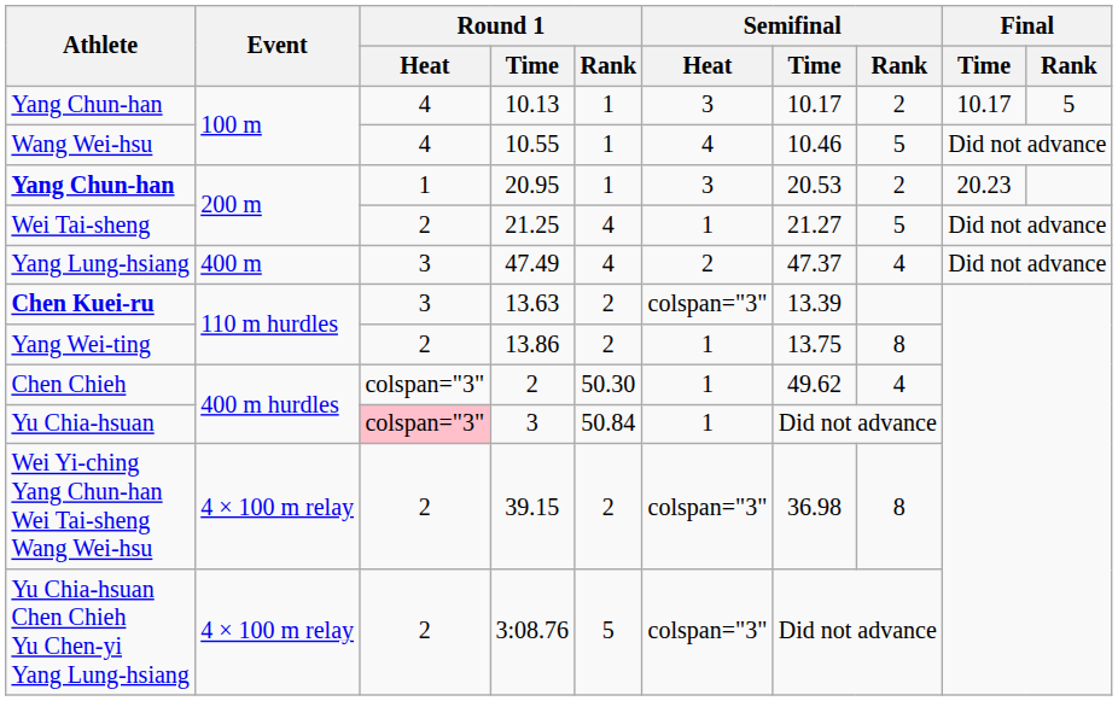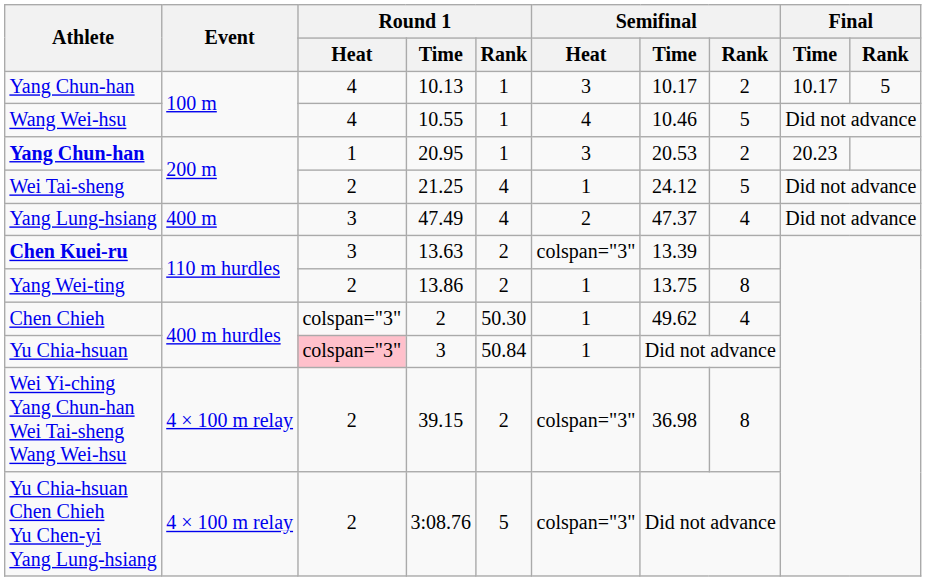 <table class="wikitable" style="text-align:center; font-size:90%">
 <tr>
 <th rowspan="2">Athlete</th>
 <th rowspan="2">Event</th>
 <th colspan="3">Round 1</th>
 <th colspan="3">Semifinal</th>
 <th colspan="2">Final</th>
 </tr>
 <tr>
 <th>Heat</th>
 <th>Time</th>
 <th>Rank</th>
 <th>Heat</th>
 <th>Time</th>
 <th>Rank</th>
 <th>Time</th>
 <th>Rank</th>
 </tr>
 <tr>
 <td align="left"><a href='#'>Yang Chun-han</a></td>
 <td align="left" rowspan="2"><a href='#'>100 m</a></td>
 <td>4</td>
 <td>10.13</td>
 <td>1 <strong></strong></td>
 <td>3</td>
 <td>10.17</td>
 <td>2 <strong></strong></td>
 <td>10.17</td>
 <td>5</td>
 </tr>
 <tr>
 <td align="left"><a href='#'>Wang Wei-hsu</a></td>
 <td>4</td>
 <td>10.55</td>
 <td>1 <strong></strong></td>
 <td>4</td>
 <td>10.46</td>
 <td>5</td>
 <td colspan="2">Did not advance</td>
 </tr>
 <tr>
 <td align="left"><strong><a href='#'>Yang Chun-han</a></strong></td>
 <td align="left" rowspan="2"><a href='#'>200 m</a></td>
 <td>1</td>
 <td>20.95</td>
 <td>1 <strong></strong></td>
 <td>3</td>
 <td>20.53</td>
 <td>2 <strong></strong></td>
 <td>20.23</td>
 <td> <strong></strong></td>
 </tr>
 <tr>
 <td align="left"><a href='#'>Wei Tai-sheng</a></td>
 <td>2</td>
 <td>21.25</td>
 <td>4 <strong></strong></td>
 <td>1</td>
-<td>21.27</td>
+<td>24.12</td>
 <td>5</td>
 <td colspan="2">Did not advance</td>
 </tr>
 <tr>
 <td align="left"><a href='#'>Yang Lung-hsiang</a></td>
 <td align="left"><a href='#'>400 m</a></td>
 <td>3</td>
 <td>47.49</td>
 <td>4 <strong></strong></td>
 <td>2</td>
 <td>47.37</td>
 <td>4</td>
 <td colspan="3">Did not advance</td>
 </tr>
 <tr>
 <td align="left"><strong><a href='#'>Chen Kuei-ru</a></strong></td>
 <td align="left" rowspan="2"><a href='#'>110 m hurdles</a></td>
 <td>3</td>
 <td>13.63</td>
 <td>2 <strong></strong></td>
 <td>colspan="3" </td>
 <td>13.39</td>
 <td> <strong></strong></td>
 </tr>
 <tr>
 <td align="left"><a href='#'>Yang Wei-ting</a></td>
 <td>2</td>
 <td>13.86</td>
 <td>2 <strong></strong></td>
 <td>1</td>
 <td>13.75</td>
 <td>8</td>
 </tr>
 <tr>
 <td align="left"><a href='#'>Chen Chieh</a></td>
 <td align="left" rowspan="2"><a href='#'>400 m hurdles</a></td>
 <td>colspan="3" </td>
 <td>2</td>
 <td>50.30</td>
 <td>1 <strong></strong></td>
 <td>49.62</td>
 <td>4</td>
 </tr>
 <tr>
 <td align="left"><a href='#'>Yu Chia-hsuan</a></td>
 <td style="background: pink;">colspan="3" </td>
 <td>3</td>
 <td>50.84</td>
 <td>1</td>
 <td colspan="2">Did not advance</td>
 </tr>
 <tr>
 <td align="left"><a href='#'>Wei Yi-ching</a><br><a href='#'>Yang Chun-han</a><br><a href='#'>Wei Tai-sheng</a><br><a href='#'>Wang Wei-hsu</a></td>
 <td align="left"><a href='#'>4 × 100 m relay</a></td>
 <td>2</td>
 <td>39.15</td>
 <td>2 <strong></strong></td>
 <td>colspan="3" </td>
 <td>36.98</td>
 <td>8 <strong></strong></td>
 </tr>
 <tr>
 <td align="left"><a href='#'>Yu Chia-hsuan</a><br><a href='#'>Chen Chieh</a><br><a href='#'>Yu Chen-yi</a><br><a href='#'>Yang Lung-hsiang</a></td>
 <td align="left"><a href='#'>4 × 100 m relay</a></td>
 <td>2</td>
 <td>3:08.76</td>
 <td>5</td>
 <td>colspan="3" </td>
 <td colspan="2">Did not advance</td>
 </tr>
 </table>
